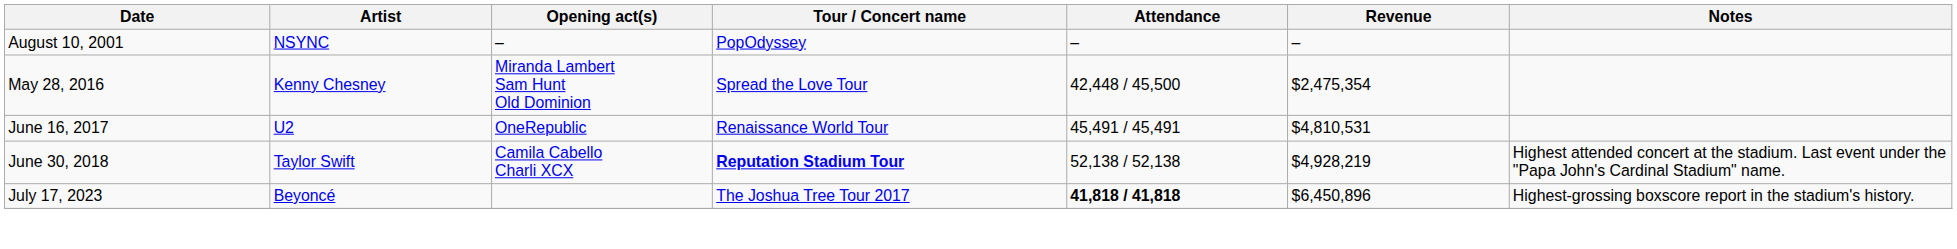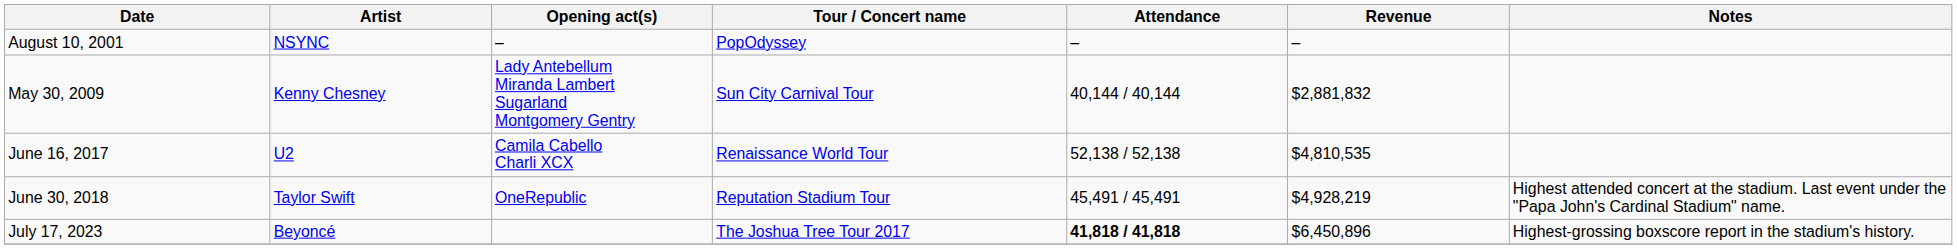 <table class="wikitable" style=font-size:100% style="text-align:center">
 <tr>
 <th width=12% style="text-align:center;">Date</th>
 <th width=10% style="text-align:center;">Artist</th>
 <th width=10% style="text-align:center;">Opening act(s)</th>
 <th width=16% style="text-align:center;">Tour / Concert name</th>
 <th width=10% style="text-align:center;">Attendance</th>
 <th width=10% style="text-align:center;">Revenue</th>
 <th width=20% style="text-align:center;">Notes</th>
 </tr>
 <tr>
 <td>August 10, 2001</td>
 <td><a href='#'>NSYNC</a></td>
 <td>–</td>
 <td><a href='#'>PopOdyssey</a></td>
 <td>–</td>
 <td>–</td>
 <td></td>
 </tr>
 <tr>
-<td>May 28, 2016</td>
+<td>May 30, 2009</td>
 <td><a href='#'>Kenny Chesney</a></td>
-<td><a href='#'>Miranda Lambert</a><br><a href='#'>Sam Hunt</a><br><a href='#'>Old Dominion</a></td>
-<td><a href='#'>Spread the Love Tour</a></td>
-<td>42,448 / 45,500</td>
-<td>$2,475,354</td>
+<td><a href='#'>Lady Antebellum</a><br><a href='#'>Miranda Lambert</a><br><a href='#'>Sugarland</a><br><a href='#'>Montgomery Gentry</a></td>
+<td><a href='#'>Sun City Carnival Tour</a></td>
+<td>40,144 / 40,144</td>
+<td>$2,881,832</td>
 <td></td>
 </tr>
 <tr>
 <td>June 16, 2017</td>
 <td><a href='#'>U2</a></td>
-<td><a href='#'>OneRepublic</a></td>
+<td><a href='#'>Camila Cabello</a><br><a href='#'>Charli XCX</a></td>
 <td><a href='#'>Renaissance World Tour</a></td>
-<td>45,491 / 45,491</td>
-<td>$4,810,531</td>
+<td>52,138 / 52,138</td>
+<td>$4,810,535</td>
 <td></td>
 </tr>
 <tr>
 <td>June 30, 2018</td>
 <td><a href='#'>Taylor Swift</a></td>
-<td><a href='#'>Camila Cabello</a><br><a href='#'>Charli XCX</a></td>
-<td><strong><a href='#'>Reputation Stadium Tour</a></strong></td>
-<td>52,138 / 52,138</td>
+<td><a href='#'>OneRepublic</a></td>
+<td><a href='#'>Reputation Stadium Tour</a></td>
+<td>45,491 / 45,491</td>
 <td>$4,928,219</td>
 <td>Highest attended concert at the stadium. Last event under the "Papa John's Cardinal Stadium" name.</td>
 </tr>
 <tr>
 <td>July 17, 2023</td>
 <td><a href='#'>Beyoncé</a></td>
 <td></td>
 <td><a href='#'>The Joshua Tree Tour 2017</a></td>
 <td><strong>41,818 / 41,818</strong></td>
 <td>$6,450,896</td>
 <td>Highest-grossing boxscore report in the stadium's history.</td>
 </tr>
 <tr>
 </tr>
 </table>
